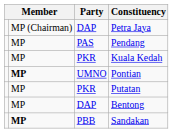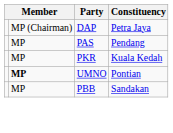 <table class="sortable wikitable">
 <tr>
 <th colspan="2" valign="top">Member</th>
 <th valign="top">Party</th>
 <th valign="top">Constituency</th>
 </tr>
 <tr>
 <td></td>
 <td> MP (Chairman)</td>
 <td><a href='#'>DAP</a></td>
 <td><a href='#'>Petra Jaya</a></td>
 </tr>
 <tr>
 <td></td>
 <td> MP</td>
 <td><a href='#'>PAS</a></td>
 <td><a href='#'>Pendang</a></td>
 </tr>
 <tr>
 <td></td>
 <td> MP</td>
 <td><a href='#'>PKR</a></td>
 <td><a href='#'>Kuala Kedah</a></td>
 </tr>
 <tr>
 <td></td>
 <td><strong> MP</strong></td>
 <td><a href='#'>UMNO</a></td>
 <td><a href='#'>Pontian</a></td>
 </tr>
 <tr>
 <td></td>
 <td> MP</td>
-<td><a href='#'>PKR</a></td>
-<td><a href='#'>Putatan</a></td>
-</tr>
-<tr>
-<td></td>
-<td> MP</td>
-<td><a href='#'>DAP</a></td>
-<td><a href='#'>Bentong</a></td>
-</tr>
-<tr>
-<td></td>
-<td><strong> MP</strong></td>
 <td><a href='#'>PBB</a></td>
 <td><a href='#'>Sandakan</a></td>
 </tr>
 </table>
